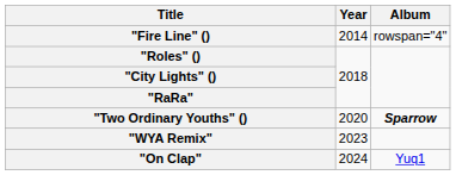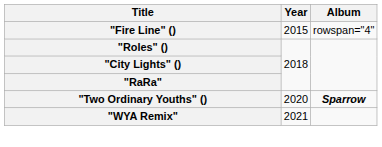 <table class="wikitable plainrowheaders" style="text-align:center;">
 <tr>
 <th rowspan="1" scope="col" style="width:25em;">Title</th>
 <th rowspan="1" scope="col">Year</th>
 <th rowspan="1" scope="col">Album</th>
 </tr>
 <tr>
 <th scope="row">"Fire Line" ()<br></th>
-<td>2014</td>
+<td>2015</td>
 <td>rowspan="4" </td>
 </tr>
 <tr>
 <th scope="row">"Roles" () <br></th>
 <td rowspan="3">2018</td>
 </tr>
 <tr>
 <th scope="row">"City Lights" ()<br></th>
 </tr>
 <tr>
 <th scope="row">"RaRa" <br></th>
 </tr>
 <tr>
 <th scope="row">"Two Ordinary Youths" ()<br></th>
 <td>2020</td>
 <td><strong><em>Sparrow</em></strong></td>
 </tr>
 <tr>
 <th scope="row">"WYA Remix" <br></th>
-<td>2023</td>
+<td>2021</td>
 <td></td>
 </tr>
-<tr>
-<th scope="row">"On Clap" <br></th>
-<td>2024</td>
-<td><a href='#'>Yuq1</a></td>
-</tr>
 </table>
